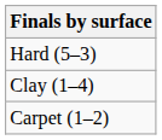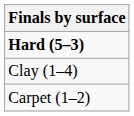 <table class=wikitable style=font-size:90%>
 <tr>
 <th>Finals by surface</th>
 </tr>
 <tr>
-<td>Hard (5–3)</td>
+<td><strong>Hard (5–3)</strong></td>
 </tr>
 <tr>
 <td>Clay (1–4)</td>
 </tr>
 <tr>
 <td>Carpet (1–2)</td>
 </tr>
 </table>
